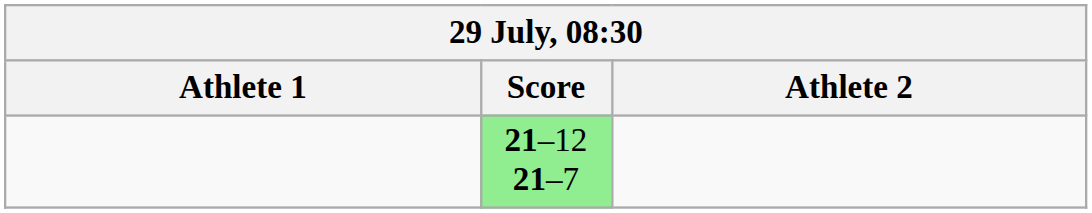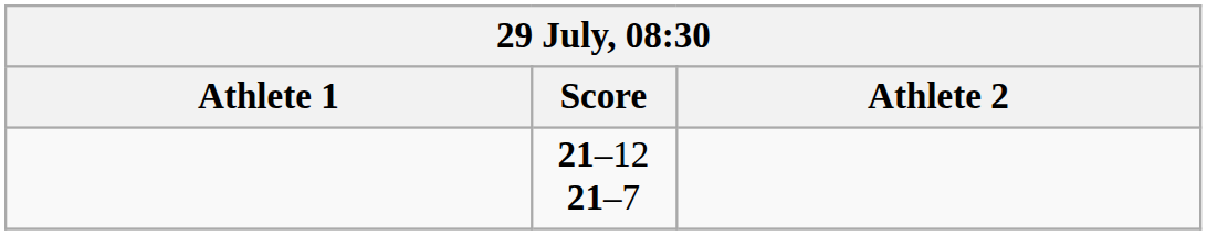 <table class="wikitable" style="text-align: center; font-size:90% ">
 <tr>
 <th colspan=3>29 July, 08:30</th>
 </tr>
 <tr>
 <th align="right" width="200">Athlete 1</th>
 <th width="50">Score</th>
 <th align="left" width="200">Athlete 2</th>
 </tr>
 <tr>
 <td align=right><strong></strong></td>
-<td align=center style="background: lightgreen;"><strong>21</strong>–12<br><strong>21</strong>–7</td>
+<td align=center><strong>21</strong>–12<br><strong>21</strong>–7</td>
 <td align=left></td>
 </tr>
 </table>
